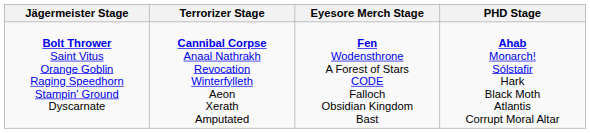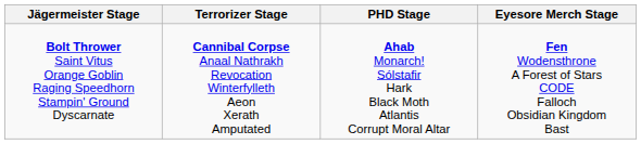 <table class="wikitable">
 <tr>
 <th>Jägermeister Stage</th>
 <th>Terrorizer Stage</th>
+<th>PHD Stage</th>
 <th>Eyesore Merch Stage</th>
-<th>PHD Stage</th>
 </tr>
 <tr>
 <td valign="top" align="center" width=200><br><strong><a href='#'>Bolt Thrower</a></strong><br> <a href='#'>Saint Vitus</a><br> <a href='#'>Orange Goblin</a><br> <a href='#'>Raging Speedhorn</a><br> <a href='#'>Stampin' Ground</a><br> Dyscarnate</td>
 <td valign="top" align="center" width=200><br><strong><a href='#'>Cannibal Corpse</a></strong><br> <a href='#'>Anaal Nathrakh</a><br> <a href='#'>Revocation</a><br> <a href='#'>Winterfylleth</a> <br> Aeon <br> Xerath <br> Amputated</td>
+<td valign="top" align="center" width=200><br><strong><a href='#'>Ahab</a></strong><br> <a href='#'>Monarch!</a><br> <a href='#'>Sólstafir</a> <br> Hark <br> Black Moth <br> Atlantis <br> Corrupt Moral Altar</td>
 <td valign="top" align="center" width=200><br><strong><a href='#'>Fen</a></strong><br> <a href='#'>Wodensthrone</a><br> A Forest of Stars <br> <a href='#'>CODE</a> <br> Falloch <br> Obsidian Kingdom <br> Bast</td>
-<td valign="top" align="center" width=200><br><strong><a href='#'>Ahab</a></strong><br> <a href='#'>Monarch!</a><br> <a href='#'>Sólstafir</a> <br> Hark <br> Black Moth <br> Atlantis <br> Corrupt Moral Altar</td>
 </tr>
 </table>
